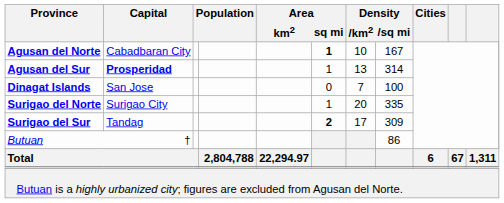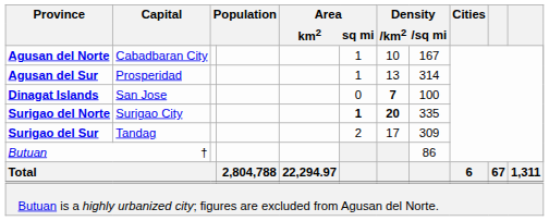 <table class="wikitable sortable" style="margin:auto; background:#fdfdfd; text-align:center; font-size:90%; border:1pt solid gray;">
 <tr>
 <th scope="col" style="border-bottom:none;" class="unsortable">Province </th>
 <th scope="col" style="border-bottom:none;" class="unsortable">Capital</th>
 <th scope="col" style="border-bottom:none;white-space:nowrap;" class="unsortable" colspan=2>Population </th>
 <th scope="col" style="border-bottom:none;" colspan=2>Area</th>
 <th scope="col" style="border-bottom:none;" colspan=2>Density</th>
 <th scope="col" style="border-bottom:none;" class="unsortable">Cities</th>
 <th scope="col" style="border-bottom:none;" class="unsortable"></th>
 <th scope="col" style="border-bottom:none;" class="unsortable"></th>
 </tr>
 <tr>
 <th scope="col" style="border-top:none;"></th>
 <th scope="col" style="border-top:none;"></th>
 <th scope="col" style="border-top:none;" colspan=2></th>
 <th scope="col" style="border-style:none none solid solid;">km<sup>2</sup></th>
 <th scope="col" style="border-style:none solid solid none;white-space:nowrap;" class="unsortable">sq mi</th>
 <th scope="col" style="border-style:none none solid solid;">/km<sup>2</sup></th>
 <th scope="col" style="border-style:none solid solid none;white-space:nowrap;" class="unsortable">/sq mi</th>
 <th scope="col" style="border-top:none;"></th>
 <th scope="col" style="border-top:none;"></th>
 <th scope="col" style="border-top:none;"></th>
 </tr>
 <tr>
 <th scope="row" style="text-align:left; background:initial;"><a href='#'>Agusan del Norte</a></th>
 <td style="text-align:left;"><a href='#'>Cabadbaran City</a></td>
 <td></td>
 <td></td>
 <td></td>
-<td><strong>1</strong></td>
+<td>1</td>
 <td>10</td>
 <td>167</td>
 </tr>
 <tr>
 <th scope="row" style="text-align:left; background:initial;"><a href='#'>Agusan del Sur</a></th>
-<td style="text-align:left;"><strong><a href='#'>Prosperidad</a></strong></td>
+<td style="text-align:left;"><a href='#'>Prosperidad</a></td>
 <td></td>
 <td></td>
 <td></td>
 <td>1</td>
 <td>13</td>
 <td>314</td>
 </tr>
 <tr>
 <th scope="row" style="text-align:left; background:initial;"><a href='#'>Dinagat Islands</a></th>
 <td style="text-align:left;"><a href='#'>San Jose</a></td>
 <td></td>
 <td></td>
 <td></td>
 <td>0</td>
-<td>7</td>
+<td><strong>7</strong></td>
 <td>100</td>
 </tr>
 <tr>
 <th scope="row" style="text-align:left; background:initial;"><a href='#'>Surigao del Norte</a></th>
 <td style="text-align:left;"><a href='#'>Surigao City</a></td>
 <td></td>
 <td></td>
 <td></td>
-<td>1</td>
-<td>20</td>
+<td><strong>1</strong></td>
+<td><strong>20</strong></td>
 <td>335</td>
 </tr>
 <tr>
 <th scope="row" style="text-align:left; background:initial;"><a href='#'>Surigao del Sur</a></th>
 <td style="text-align:left;"><a href='#'>Tandag</a></td>
 <td></td>
 <td></td>
 <td></td>
-<td><strong>2</strong></td>
+<td>2</td>
 <td>17</td>
 <td>309</td>
 </tr>
 <tr>
 <th scope="row" style="text-align:left;background-color:initial;border-right:0;font-weight:normal;font-style:italic;"><a href='#'>Butuan</a></th>
 <td style="text-align:right;border-left:0;">†</td>
 <td></td>
 <td></td>
 <td></td>
 <th></th>
 <th></th>
 <td>86</td>
 </tr>
 <tr class="sortbottom">
 <th colspan="3" scope="row" style="text-align:left;">Total</th>
 <th scope="col" style="text-align:right;">2,804,788</th>
 <th scope="col" style="text-align:right;">22,294.97</th>
 <th scope="col" style="text-align:right;"></th>
 <th scope="col" style="text-align:right;"></th>
 <th scope="col" style="text-align:right;"></th>
 <th scope="col">6</th>
 <th scope="col">67</th>
 <th scope="col">1,311</th>
 </tr>
 <tr class="sortbottom" style="text-align:left; background:#f2f2f2; border-top:double gray;">
 <td colspan="12" style="padding-left:1em;"><br> <a href='#'>Butuan</a> is a <em>highly urbanized city</em>; figures are excluded from Agusan del Norte.</td>
 </tr>
 </table>
